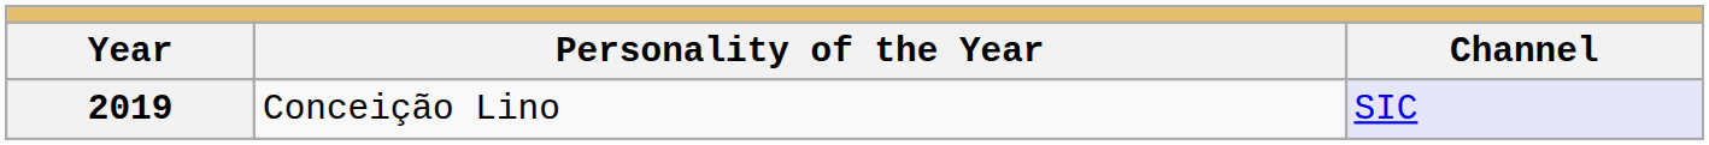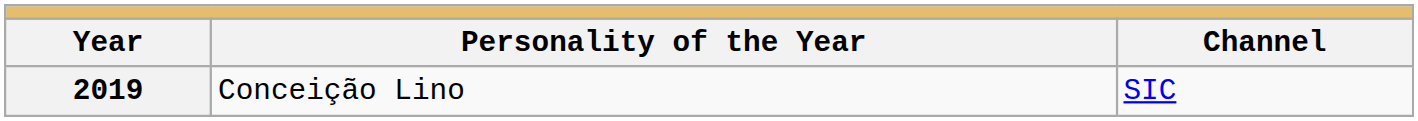 <table class="wikitable sortable" width="100%">
 <tr>
 <td colspan="3" bgcolor="#e4be6d"></td>
 </tr>
 <tr>
 <th colspan="1" style="padding: 0 5px;">Year</th>
 <th>Personality of the Year</th>
 <th>Channel</th>
 </tr>
 <tr>
 <th>2019</th>
 <td>Conceição Lino</td>
-<td style="background: lavender;"><a href='#'>SIC</a></td>
+<td><a href='#'>SIC</a></td>
 </tr>
 </table>
